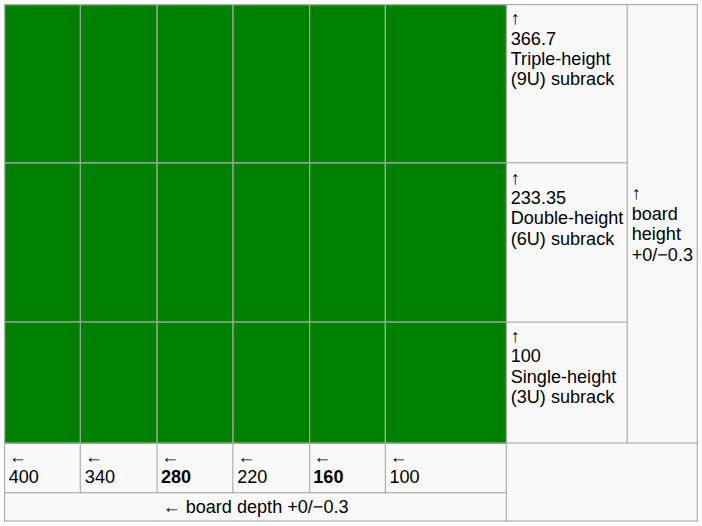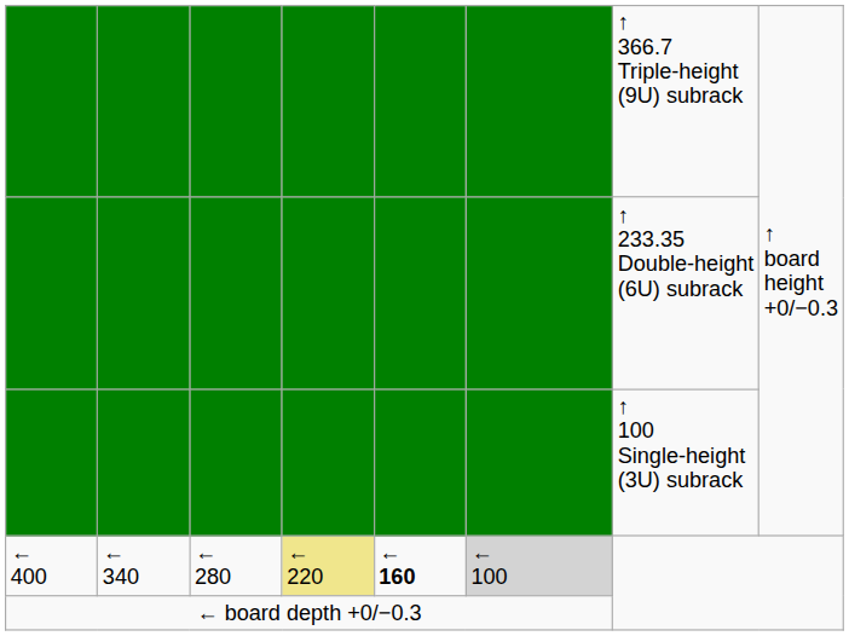 <table class="wikitable">
 <tr>
 <td style="background-color:green"></td>
 <td style="background-color:green"></td>
 <td style="background-color:green"></td>
 <td style="background-color:green"></td>
 <td style="background-color:green"></td>
 <td style="background-color:green"></td>
 <td height="133px" valign="top">↑<br>366.7<br>Triple-height<br>(9U) subrack</td>
 <td rowspan="3">↑<br>board<br>height<br>+0/−0.3</td>
 </tr>
 <tr>
 <td style="background-color:green"></td>
 <td style="background-color:green"></td>
 <td style="background-color:green"></td>
 <td style="background-color:green"></td>
 <td style="background-color:green"></td>
 <td style="background-color:green"></td>
 <td height="133px" valign="top">↑<br>233.35<br>Double-height<br>(6U) subrack</td>
 </tr>
 <tr>
 <td style="background-color:green"></td>
 <td style="background-color:green"></td>
 <td style="background-color:green"></td>
 <td style="background-color:green"></td>
 <td style="background-color:green"></td>
 <td style="background-color:green"></td>
 <td height="100px" valign="top">↑<br>100<br>Single-height<br>(3U) subrack</td>
 </tr>
 <tr>
 <td width="60px">←<br>400</td>
 <td width="60px">←<br>340</td>
-<td width="60px"><strong>←<br>280</strong></td>
-<td width="60px">←<br>220</td>
+<td width="60px">←<br>280</td>
+<td width="60px" style="background: khaki;">←<br>220</td>
 <td width="60px"><strong>←<br>160</strong></td>
-<td width="100px">←<br>100</td>
+<td width="100px" style="background: lightgrey;">←<br>100</td>
 </tr>
 <tr>
 <td colspan="6" align="center">← board depth +0/−0.3</td>
 </tr>
 </table>
